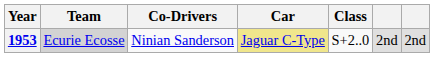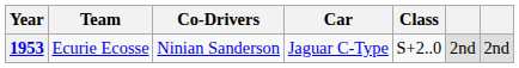 <table class="wikitable" style="font-size:90%">
 <tr>
 <th>Year</th>
 <th>Team</th>
 <th>Co-Drivers</th>
 <th>Car</th>
 <th>Class</th>
 <th></th>
 <th></th>
 </tr>
 <tr align="center">
 <th><a href='#'>1953</a></th>
-<td align="left" style="background: lightgrey;"> <a href='#'>Ecurie Ecosse</a></td>
+<td align="left"> <a href='#'>Ecurie Ecosse</a></td>
 <td align="left"> <a href='#'>Ninian Sanderson</a></td>
-<td align="left" style="background: khaki;"><a href='#'>Jaguar C-Type</a></td>
+<td align="left"><a href='#'>Jaguar C-Type</a></td>
 <td>S+2..0</td>
 <td style="background:#dfdfdf;">2nd</td>
 <td style="background:#dfdfdf;">2nd</td>
 </tr>
 <tr align="center">
 </tr>
 </table>
